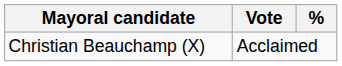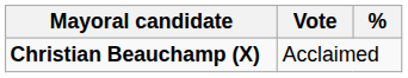 <table class="wikitable">
 <tr>
 <th bgcolor="#DDDDFF" width="200px">Mayoral candidate</th>
 <th bgcolor="#DDDDFF" width="50px">Vote</th>
 <th bgcolor="#DDDDFF"  width="30px">%</th>
 </tr>
 <tr>
-<td>Christian Beauchamp (X)</td>
+<td><strong>Christian Beauchamp (X)</strong></td>
 <td colspan="2">Acclaimed</td>
 </tr>
 </table>
